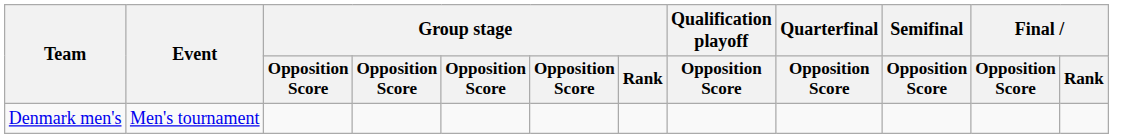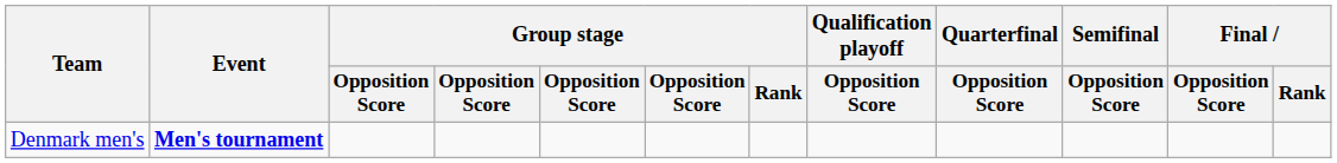 <table class="wikitable" style="font-size:90%">
 <tr>
 <th rowspan=2>Team</th>
 <th rowspan=2>Event</th>
 <th colspan=5>Group stage</th>
 <th>Qualification<br>playoff</th>
 <th>Quarterfinal</th>
 <th>Semifinal</th>
 <th colspan=2>Final / </th>
 </tr>
 <tr style="font-size:95%">
 <th>Opposition<br>Score</th>
 <th>Opposition<br>Score</th>
 <th>Opposition<br>Score</th>
 <th>Opposition<br>Score</th>
 <th>Rank</th>
 <th>Opposition<br>Score</th>
 <th>Opposition<br>Score</th>
 <th>Opposition<br>Score</th>
 <th>Opposition<br>Score</th>
 <th>Rank</th>
 </tr>
 <tr align=center>
 <td align=left><a href='#'>Denmark men's</a></td>
-<td align=left><a href='#'>Men's tournament</a></td>
+<td align=left><strong><a href='#'>Men's tournament</a></strong></td>
 <td></td>
 <td></td>
 <td></td>
 <td></td>
 <td></td>
 <td></td>
 <td></td>
 <td></td>
 <td></td>
 <td></td>
 </tr>
 </table>
